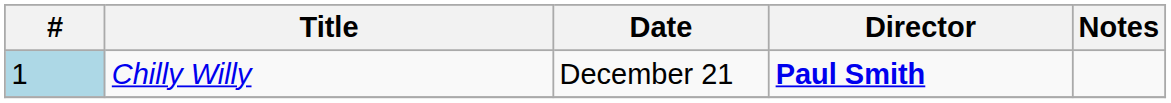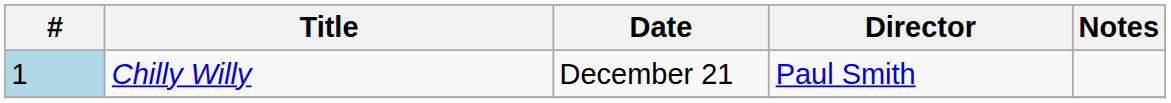 <table class="wikitable">
 <tr>
 <th style="width:3em">#</th>
 <th style="width:15em">Title</th>
 <th style="width:7em">Date</th>
 <th style="width:10em">Director</th>
 <th>Notes</th>
 </tr>
 <tr>
 <td style="background: lightblue;">1</td>
 <td><em><a href='#'>Chilly Willy</a></em></td>
 <td>December 21</td>
-<td><strong><a href='#'>Paul Smith</a></strong></td>
+<td><a href='#'>Paul Smith</a></td>
 <td></td>
 </tr>
 <tr>
 </tr>
 </table>
